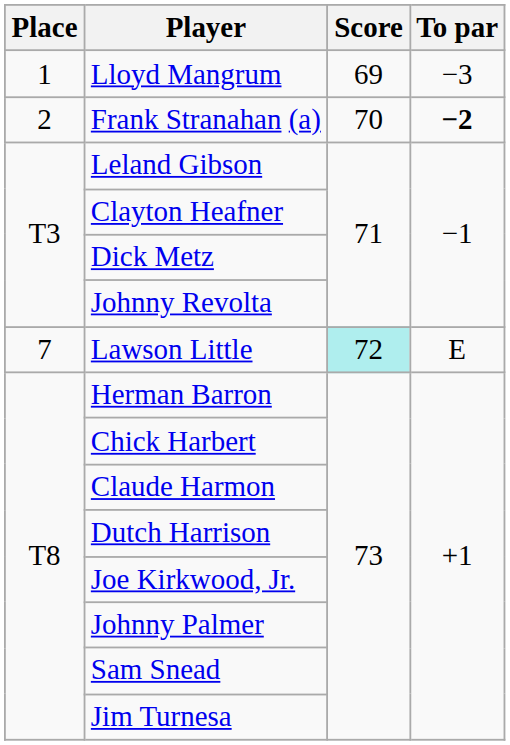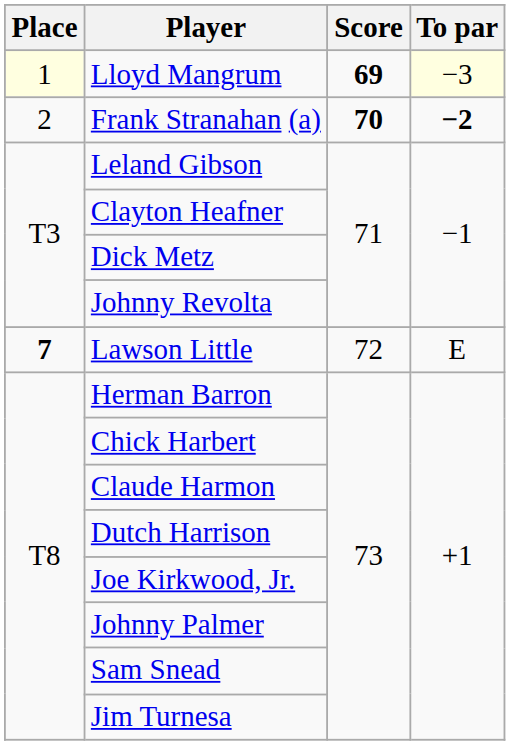 <table class="wikitable">
 <tr>
 <th>Place</th>
 <th>Player</th>
 <th>Score</th>
 <th>To par</th>
 </tr>
 <tr>
-<td align="center">1</td>
+<td align="center" style="background: lightyellow;">1</td>
 <td> <a href='#'>Lloyd Mangrum</a></td>
-<td align="center">69</td>
-<td align="center">−3</td>
+<td align="center"><strong>69</strong></td>
+<td align="center" style="background: lightyellow;">−3</td>
 </tr>
 <tr>
 <td align="center">2</td>
 <td> <a href='#'>Frank Stranahan</a> <a href='#'>(a)</a></td>
-<td align="center">70</td>
+<td align="center"><strong>70</strong></td>
 <td align="center"><strong>−2</strong></td>
 </tr>
 <tr>
 <td rowspan="4" align="center">T3</td>
 <td> <a href='#'>Leland Gibson</a></td>
 <td rowspan="4" align="center">71</td>
 <td rowspan="4"  align="center">−1</td>
 </tr>
 <tr>
 <td> <a href='#'>Clayton Heafner</a></td>
 </tr>
 <tr>
 <td> <a href='#'>Dick Metz</a></td>
 </tr>
 <tr>
 <td> <a href='#'>Johnny Revolta</a></td>
 </tr>
 <tr>
-<td align="center">7</td>
+<td align="center"><strong>7</strong></td>
 <td> <a href='#'>Lawson Little</a></td>
-<td align="center" style="background: paleturquoise;">72</td>
+<td align="center">72</td>
 <td align="center">E</td>
 </tr>
 <tr>
 <td rowspan="8" align="center">T8</td>
 <td> <a href='#'>Herman Barron</a></td>
 <td rowspan="8" align="center">73</td>
 <td rowspan="8" align="center">+1</td>
 </tr>
 <tr>
 <td> <a href='#'>Chick Harbert</a></td>
 </tr>
 <tr>
 <td> <a href='#'>Claude Harmon</a></td>
 </tr>
 <tr>
 <td> <a href='#'>Dutch Harrison</a></td>
 </tr>
 <tr>
 <td> <a href='#'>Joe Kirkwood, Jr.</a></td>
 </tr>
 <tr>
 <td> <a href='#'>Johnny Palmer</a></td>
 </tr>
 <tr>
 <td> <a href='#'>Sam Snead</a></td>
 </tr>
 <tr>
 <td> <a href='#'>Jim Turnesa</a></td>
 </tr>
 </table>
